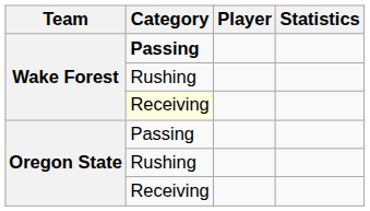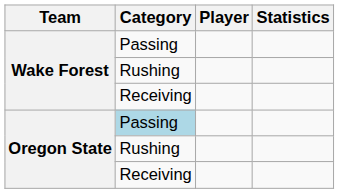 <table class="wikitable" style="float:right">
 <tr>
 <th>Team</th>
 <th>Category</th>
 <th>Player</th>
 <th>Statistics</th>
 </tr>
 <tr>
 <th rowspan=3>Wake Forest</th>
-<td><strong>Passing</strong></td>
-<td></td>
-<td></td>
-</tr>
-<tr>
-<td>Rushing</td>
-<td></td>
-<td></td>
-</tr>
-<tr>
-<td style="background: lightyellow;">Receiving</td>
-<td></td>
-<td></td>
-</tr>
-<tr>
-<th rowspan=3>Oregon State</th>
 <td>Passing</td>
 <td></td>
 <td></td>
 </tr>
 <tr>
 <td>Rushing</td>
 <td></td>
 <td></td>
 </tr>
 <tr>
 <td>Receiving</td>
 <td></td>
 <td></td>
 </tr>
+<tr>
+<th rowspan=3>Oregon State</th>
+<td style="background: lightblue;">Passing</td>
+<td></td>
+<td></td>
+</tr>
+<tr>
+<td>Rushing</td>
+<td></td>
+<td></td>
+</tr>
+<tr>
+<td>Receiving</td>
+<td></td>
+<td></td>
+</tr>
 </table>
